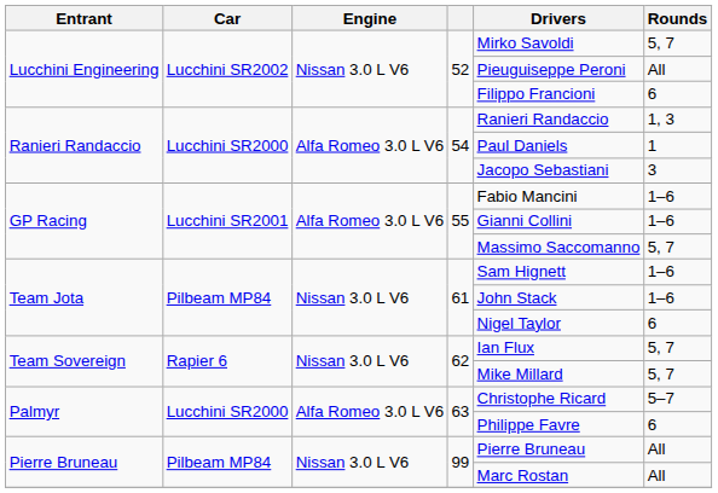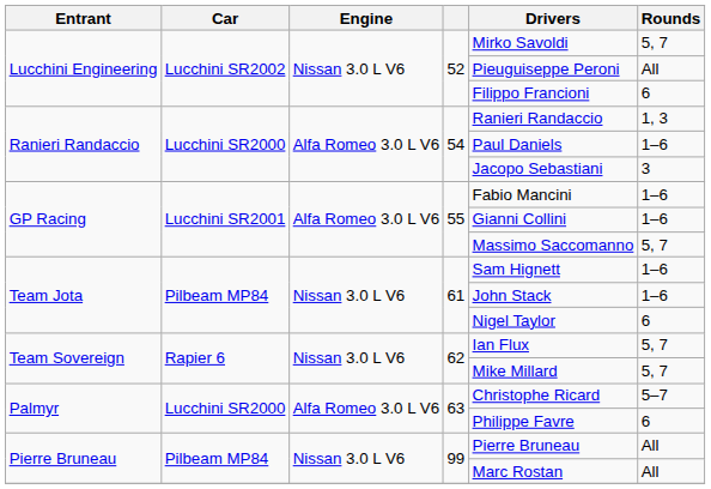 <table class="wikitable" style="font-size: 85%">
 <tr>
 <th>Entrant</th>
 <th>Car</th>
 <th>Engine</th>
 <th></th>
 <th>Drivers</th>
 <th>Rounds</th>
 </tr>
 <tr>
 <td rowspan=3> <a href='#'>Lucchini Engineering</a></td>
 <td rowspan=3><a href='#'>Lucchini SR2002</a></td>
 <td rowspan=3><a href='#'>Nissan</a> 3.0 L V6</td>
 <td rowspan=3>52</td>
 <td> <a href='#'>Mirko Savoldi</a></td>
 <td>5, 7</td>
 </tr>
 <tr>
 <td> <a href='#'>Pieuguiseppe Peroni</a></td>
 <td>All</td>
 </tr>
 <tr>
 <td> <a href='#'>Filippo Francioni</a></td>
 <td>6</td>
 </tr>
 <tr>
 <td rowspan=3> <a href='#'>Ranieri Randaccio</a></td>
 <td rowspan=3><a href='#'>Lucchini SR2000</a></td>
 <td rowspan=3><a href='#'>Alfa Romeo</a> 3.0 L V6</td>
 <td rowspan=3>54</td>
 <td> <a href='#'>Ranieri Randaccio</a></td>
 <td>1, 3</td>
 </tr>
 <tr>
 <td> <a href='#'>Paul Daniels</a></td>
-<td>1</td>
+<td>1–6</td>
 </tr>
 <tr>
 <td> <a href='#'>Jacopo Sebastiani</a></td>
 <td>3</td>
 </tr>
 <tr>
 <td rowspan=3> <a href='#'>GP Racing</a></td>
 <td rowspan=3><a href='#'>Lucchini SR2001</a></td>
 <td rowspan=3><a href='#'>Alfa Romeo</a> 3.0 L V6</td>
 <td rowspan=3>55</td>
 <td> Fabio Mancini</td>
 <td>1–6</td>
 </tr>
 <tr>
 <td> <a href='#'>Gianni Collini</a></td>
 <td>1–6</td>
 </tr>
 <tr>
 <td> <a href='#'>Massimo Saccomanno</a></td>
 <td>5, 7</td>
 </tr>
 <tr>
 <td rowspan=3> <a href='#'>Team Jota</a></td>
 <td rowspan=3><a href='#'>Pilbeam MP84</a></td>
 <td rowspan=3><a href='#'>Nissan</a> 3.0 L V6</td>
 <td rowspan=3>61</td>
 <td> <a href='#'>Sam Hignett</a></td>
 <td>1–6</td>
 </tr>
 <tr>
 <td> <a href='#'>John Stack</a></td>
 <td>1–6</td>
 </tr>
 <tr>
 <td> <a href='#'>Nigel Taylor</a></td>
 <td>6</td>
 </tr>
 <tr>
 <td rowspan=2> <a href='#'>Team Sovereign</a></td>
 <td rowspan=2><a href='#'>Rapier 6</a></td>
 <td rowspan=2><a href='#'>Nissan</a> 3.0 L V6</td>
 <td rowspan=2>62</td>
 <td> <a href='#'>Ian Flux</a></td>
 <td>5, 7</td>
 </tr>
 <tr>
 <td> <a href='#'>Mike Millard</a></td>
 <td>5, 7</td>
 </tr>
 <tr>
 <td rowspan=2> <a href='#'>Palmyr</a></td>
 <td rowspan=2><a href='#'>Lucchini SR2000</a></td>
 <td rowspan=2><a href='#'>Alfa Romeo</a> 3.0 L V6</td>
 <td rowspan=2>63</td>
 <td> <a href='#'>Christophe Ricard</a></td>
 <td>5–7</td>
 </tr>
 <tr>
 <td> <a href='#'>Philippe Favre</a></td>
 <td>6</td>
 </tr>
 <tr>
 <td rowspan=2> <a href='#'>Pierre Bruneau</a></td>
 <td rowspan=2><a href='#'>Pilbeam MP84</a></td>
 <td rowspan=2><a href='#'>Nissan</a> 3.0 L V6</td>
 <td rowspan=2>99</td>
 <td> <a href='#'>Pierre Bruneau</a></td>
 <td>All</td>
 </tr>
 <tr>
 <td> <a href='#'>Marc Rostan</a></td>
 <td>All</td>
 </tr>
 <tr>
 </tr>
 </table>
